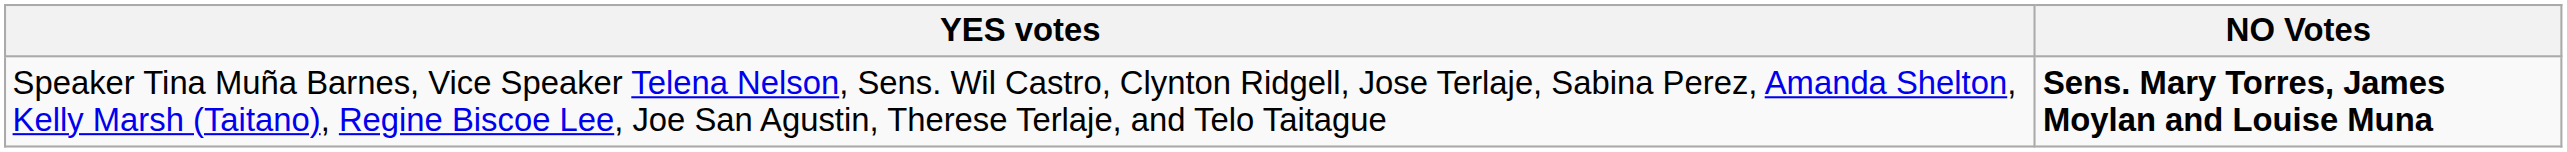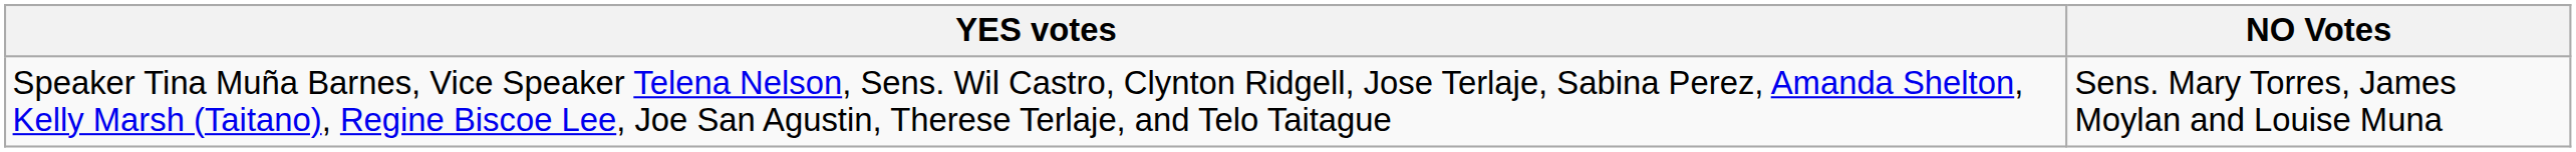 <table class="wikitable">
 <tr>
 <th>YES votes</th>
 <th>NO Votes</th>
 </tr>
 <tr>
 <td>Speaker Tina Muña Barnes, Vice Speaker <a href='#'>Telena Nelson</a>, Sens. Wil Castro, Clynton Ridgell, Jose Terlaje, Sabina Perez, <a href='#'>Amanda Shelton</a>, <a href='#'>Kelly Marsh (Taitano)</a>, <a href='#'>Regine Biscoe Lee</a>, Joe San Agustin, Therese Terlaje, and Telo Taitague</td>
-<td><strong>Sens. Mary Torres, James Moylan and Louise Muna</strong></td>
+<td>Sens. Mary Torres, James Moylan and Louise Muna</td>
 </tr>
 </table>
